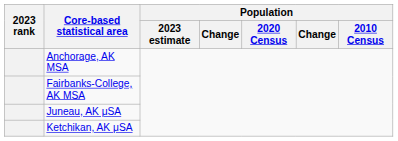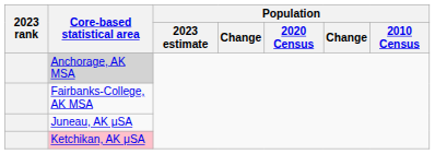 <table class="wikitable sortable">
 <tr>
 <th scope=col rowspan=2>2023 rank</th>
 <th scope=col rowspan=2><a href='#'>Core-based statistical area</a></th>
 <th colspan=5>Population</th>
 </tr>
 <tr>
 <th scope=col>2023 estimate</th>
 <th scope=col>Change</th>
 <th scope=col><a href='#'>2020 Census</a></th>
 <th scope=col>Change</th>
 <th scope=col><a href='#'>2010 Census</a></th>
 </tr>
 <tr>
 <th scope=row></th>
-<td><a href='#'>Anchorage, AK MSA</a><br></td>
+<td style="background: lightgrey;"><a href='#'>Anchorage, AK MSA</a><br></td>
 </tr>
 <tr>
 <th scope=row></th>
 <td><a href='#'>Fairbanks-College, AK MSA</a><br></td>
 </tr>
 <tr>
 <th scope=row></th>
 <td><a href='#'>Juneau, AK μSA</a><br></td>
 </tr>
 <tr>
 <th scope=row></th>
-<td><a href='#'>Ketchikan, AK μSA</a><br></td>
+<td style="background: pink;"><a href='#'>Ketchikan, AK μSA</a><br></td>
 </tr>
 </table>
